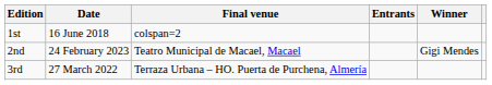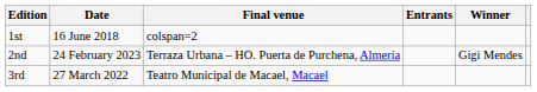 <table class="wikitable defaultcenter col3left col4left" style="font-size: 90%">
 <tr>
 <th>Edition</th>
 <th>Date</th>
 <th>Final venue</th>
 <th>Entrants</th>
 <th>Winner</th>
 <th></th>
 </tr>
 <tr>
 <td>1st</td>
 <td>16 June 2018</td>
 <td>colspan=2 </td>
 <td></td>
 <td></td>
 </tr>
 <tr>
 <td>2nd</td>
 <td>24 February 2023</td>
-<td>Teatro Municipal de Macael, <a href='#'>Macael</a></td>
+<td>Terraza Urbana – HO. Puerta de Purchena, <a href='#'>Almería</a></td>
 <td></td>
 <td>Gigi Mendes</td>
 <td></td>
 </tr>
 <tr>
 <td>3rd</td>
 <td>27 March 2022</td>
-<td>Terraza Urbana – HO. Puerta de Purchena, <a href='#'>Almería</a></td>
+<td>Teatro Municipal de Macael, <a href='#'>Macael</a></td>
 <td></td>
 <td></td>
 <td></td>
 </tr>
 </table>
